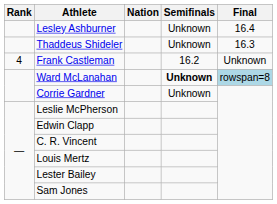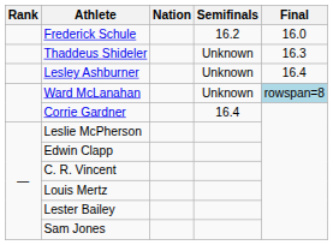 <table class="wikitable sortable" style="text-align:center">
 <tr>
 <th>Rank</th>
 <th>Athlete</th>
 <th>Nation</th>
 <th>Semifinals</th>
 <th>Final</th>
 </tr>
 <tr>
 <td></td>
-<td align=left data-sort-value=Ashburner><a href='#'>Lesley Ashburner</a></td>
+<td align=left data-sort-value=Schule><a href='#'>Frederick Schule</a></td>
 <td align=left></td>
-<td data-sort-value=88.8>Unknown</td>
-<td>16.4</td>
+<td>16.2</td>
+<td>16.0</td>
 </tr>
 <tr>
 <td></td>
 <td align=left data-sort-value=Shideler><a href='#'>Thaddeus Shideler</a></td>
 <td align=left></td>
 <td data-sort-value=88.8>Unknown</td>
 <td>16.3</td>
 </tr>
 <tr>
-<td>4</td>
-<td align=left data-sort-value=Castleman><a href='#'>Frank Castleman</a></td>
+<td></td>
+<td align=left data-sort-value=Ashburner><a href='#'>Lesley Ashburner</a></td>
 <td align=left></td>
-<td>16.2</td>
 <td data-sort-value=88.8>Unknown</td>
+<td>16.4</td>
 </tr>
 <tr>
 <td rowspan=2 data-sort-value=5></td>
 <td align=left data-sort-value=McLanahan><a href='#'>Ward McLanahan</a></td>
 <td align=left></td>
-<td data-sort-value=88.8><strong>Unknown</strong></td>
+<td data-sort-value=88.8>Unknown</td>
 <td style="background: lightblue;">rowspan=8 </td>
 </tr>
 <tr>
 <td align=left data-sort-value=Gardner><a href='#'>Corrie Gardner</a></td>
 <td align=left></td>
-<td data-sort-value=88.8>Unknown</td>
+<td>16.4</td>
 </tr>
 <tr>
 <td rowspan=6 data-sort-value=7>—</td>
 <td align=left data-sort-value=McPherson>Leslie McPherson</td>
 <td align=left></td>
 <td data-sort-value=99.9></td>
 </tr>
 <tr>
 <td align=left data-sort-value=Clapp>Edwin Clapp</td>
 <td align=left></td>
 <td data-sort-value=99.9></td>
 </tr>
 <tr>
 <td align=left data-sort-value=Vincent>C. R. Vincent</td>
 <td align=left></td>
 <td data-sort-value=99.9></td>
 </tr>
 <tr>
 <td align=left data-sort-value=Mertz>Louis Mertz</td>
 <td align=left></td>
 <td data-sort-value=99.9></td>
 </tr>
 <tr>
 <td align=left data-sort-value=Bailey>Lester Bailey</td>
 <td align=left></td>
 <td data-sort-value=99.9></td>
 </tr>
 <tr>
 <td align=left data-sort-value=Jones>Sam Jones</td>
 <td align=left></td>
 <td data-sort-value=99.9></td>
 </tr>
 </table>
